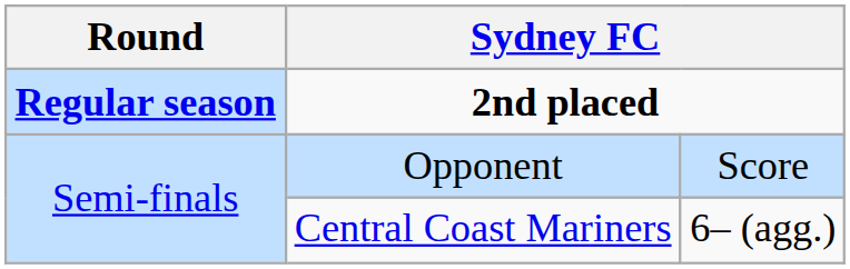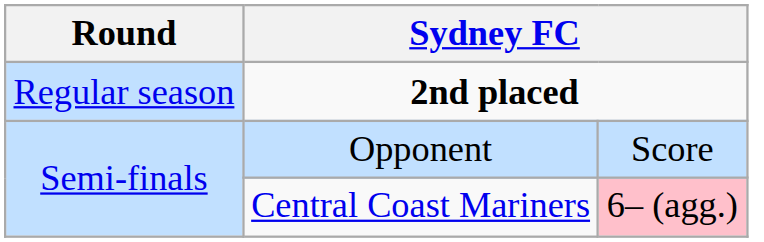 <table class="wikitable" style="text-align:center">
 <tr>
 <th>Round</th>
 <th colspan="4"><a href='#'>Sydney FC</a></th>
 </tr>
 <tr>
-<td style="background:#c1e0ff"><strong><a href='#'>Regular season</a></strong></td>
+<td style="background:#c1e0ff"><a href='#'>Regular season</a></td>
 <td colspan="4" valign="top"><strong>2nd placed</strong> </td>
 </tr>
 <tr style="background:#c1e0ff">
 <td rowspan=2><a href='#'>Semi-finals</a></td>
 <td>Opponent</td>
 <td colspan="3">Score</td>
 </tr>
 <tr>
 <td><a href='#'>Central Coast Mariners</a></td>
-<td>6– (agg.)</td>
+<td style="background: pink;">6– (agg.)</td>
 </tr>
 </table>
